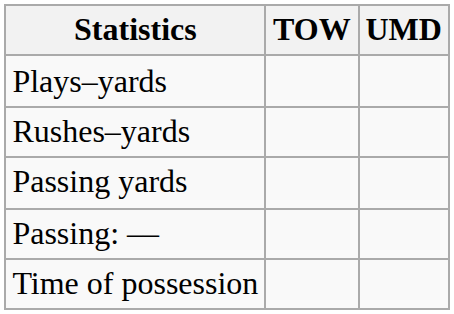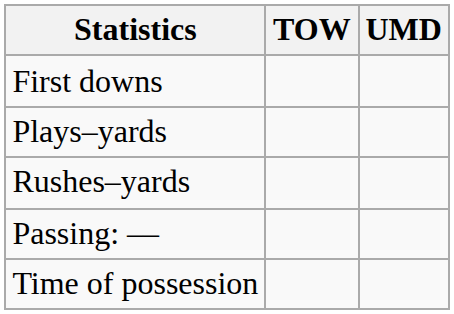 <table class="wikitable" style="float:left">
 <tr>
 <th>Statistics</th>
 <th>TOW</th>
 <th>UMD</th>
+</tr>
+<tr>
+<td>First downs</td>
+<td></td>
+<td></td>
 </tr>
 <tr>
 <td>Plays–yards</td>
 <td></td>
 <td></td>
 </tr>
 <tr>
 <td>Rushes–yards</td>
-<td></td>
-<td></td>
-</tr>
-<tr>
-<td>Passing yards</td>
 <td></td>
 <td></td>
 </tr>
 <tr>
 <td>Passing: ––</td>
 <td></td>
 <td></td>
 </tr>
 <tr>
 <td>Time of possession</td>
 <td></td>
 <td></td>
 </tr>
 </table>
